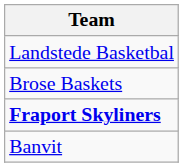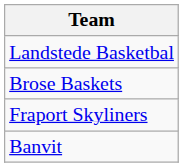 <table class="wikitable">
 <tr>
 <th>Team</th>
 </tr>
 <tr>
 <td> <a href='#'>Landstede Basketbal</a></td>
 </tr>
 <tr>
 <td> <a href='#'>Brose Baskets</a></td>
 </tr>
 <tr>
-<td><strong> <a href='#'>Fraport Skyliners</a></strong></td>
+<td> <a href='#'>Fraport Skyliners</a></td>
 </tr>
 <tr>
 <td> <a href='#'>Banvit</a></td>
 </tr>
 </table>
